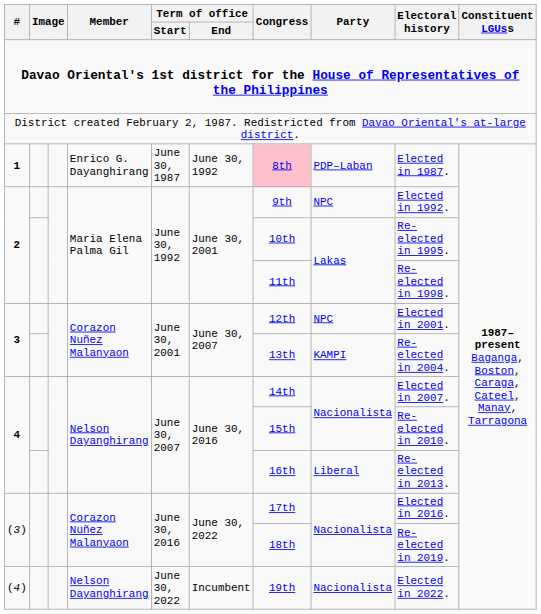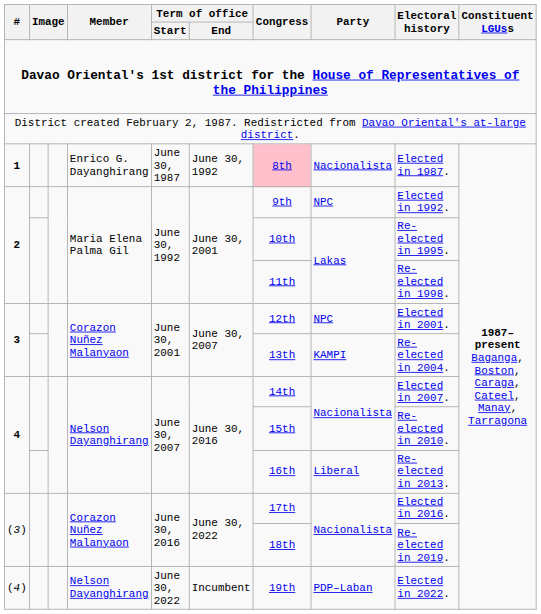 <table class=wikitable>
 <tr>
 <th rowspan="2">#</th>
 <th rowspan="2" colspan=2>Image</th>
 <th rowspan="2">Member</th>
 <th colspan=2>Term of office</th>
 <th rowspan="2">Congress</th>
 <th rowspan="2">Party</th>
 <th rowspan="2">Electoral history</th>
 <th rowspan="2">Constituent<br><a href='#'>LGUs</a>s</th>
 </tr>
 <tr>
 <th>Start</th>
 <th>End</th>
 </tr>
 <tr>
 <td colspan="10" style="text-align:center;"><br><h3>Davao Oriental's 1st district for the <a href='#'>House of Representatives of the Philippines</a></h3></td>
 </tr>
 <tr>
 <td colspan="10" style="text-align:center;">District created February 2, 1987. Redistricted from <a href='#'>Davao Oriental's at-large district</a>.</td>
 </tr>
 <tr>
 <td style="text-align:center;"><strong>1</strong></td>
 <td style="color:inherit;background:"></td>
 <td></td>
 <td>Enrico G. Dayanghirang</td>
 <td>June 30, 1987</td>
 <td>June 30, 1992</td>
 <td style="background: pink; text-align:center;"><a href='#'>8th</a></td>
-<td><a href='#'>PDP–Laban</a></td>
+<td><a href='#'>Nacionalista</a></td>
 <td><a href='#'>Elected in 1987</a>.</td>
 <td rowspan=99 style="text-align:center;"><strong>1987–present</strong><br><a href='#'>Baganga</a>, <a href='#'>Boston</a>, <a href='#'>Caraga</a>, <a href='#'>Cateel</a>, <a href='#'>Manay</a>, <a href='#'>Tarragona</a></td>
 </tr>
 <tr>
 <td rowspan="3" style="text-align:center;"><strong>2</strong></td>
 <td style="color:inherit;background:"></td>
 <td rowspan="3"></td>
 <td rowspan="3">Maria Elena Palma Gil</td>
 <td rowspan="3">June 30, 1992</td>
 <td rowspan="3">June 30, 2001</td>
 <td style="text-align:center;"><a href='#'>9th</a></td>
 <td><a href='#'>NPC</a></td>
 <td><a href='#'>Elected in 1992</a>.</td>
 </tr>
 <tr>
 <td rowspan="2" style="color:inherit;background:"></td>
 <td style="text-align:center;"><a href='#'>10th</a></td>
 <td rowspan="2"><a href='#'>Lakas</a></td>
 <td><a href='#'>Re-elected in 1995</a>.</td>
 </tr>
 <tr>
 <td style="text-align:center;"><a href='#'>11th</a></td>
 <td><a href='#'>Re-elected in 1998</a>.</td>
 </tr>
 <tr>
 <td rowspan="2" style="text-align:center;"><strong>3</strong></td>
 <td style="color:inherit;background:"></td>
 <td rowspan="2"></td>
 <td rowspan="2"><a href='#'>Corazon Nuñez Malanyaon</a></td>
 <td rowspan="2">June 30, 2001</td>
 <td rowspan="2">June 30, 2007</td>
 <td style="text-align:center;"><a href='#'>12th</a></td>
 <td><a href='#'>NPC</a></td>
 <td><a href='#'>Elected in 2001</a>.</td>
 </tr>
 <tr>
 <td style="color:inherit;background:"></td>
 <td style="text-align:center;"><a href='#'>13th</a></td>
 <td><a href='#'>KAMPI</a></td>
 <td><a href='#'>Re-elected in 2004</a>.</td>
 </tr>
 <tr>
 <td rowspan="3" style="text-align:center;"><strong>4</strong></td>
 <td rowspan="2" style="color:inherit;background:"></td>
 <td rowspan="3"></td>
 <td rowspan="3"><a href='#'>Nelson Dayanghirang</a></td>
 <td rowspan="3">June 30, 2007</td>
 <td rowspan="3">June 30, 2016</td>
 <td style="text-align:center;"><a href='#'>14th</a></td>
 <td rowspan="2"><a href='#'>Nacionalista</a></td>
 <td><a href='#'>Elected in 2007</a>.</td>
 </tr>
 <tr>
 <td style="text-align:center;"><a href='#'>15th</a></td>
 <td><a href='#'>Re-elected in 2010</a>.</td>
 </tr>
 <tr>
 <td style="color:inherit;background:"></td>
 <td style="text-align:center;"><a href='#'>16th</a></td>
 <td><a href='#'>Liberal</a></td>
 <td><a href='#'>Re-elected in 2013</a>.</td>
 </tr>
 <tr>
 <td rowspan="2" style="text-align:center;">(<em>3</em>)</td>
 <td rowspan="2" style="color:inherit;background:"></td>
 <td rowspan="2"></td>
 <td rowspan="2"><a href='#'>Corazon Nuñez Malanyaon</a></td>
 <td rowspan="2">June 30, 2016</td>
 <td rowspan="2">June 30, 2022</td>
 <td style="text-align:center;"><a href='#'>17th</a></td>
 <td rowspan="2"><a href='#'>Nacionalista</a></td>
 <td><a href='#'>Elected in 2016</a>.</td>
 </tr>
 <tr>
 <td style="text-align:center;"><a href='#'>18th</a></td>
 <td><a href='#'>Re-elected in 2019</a>.</td>
 </tr>
 <tr>
 <td style="text-align:center;">(<em>4</em>)</td>
 <td style="color:inherit;background:"></td>
 <td></td>
 <td><a href='#'>Nelson Dayanghirang</a></td>
 <td>June 30, 2022</td>
 <td>Incumbent</td>
 <td style="text-align:center;"><a href='#'>19th</a></td>
-<td><a href='#'>Nacionalista</a></td>
+<td><a href='#'>PDP–Laban</a></td>
 <td><a href='#'>Elected in 2022</a>.</td>
 </tr>
 </table>
